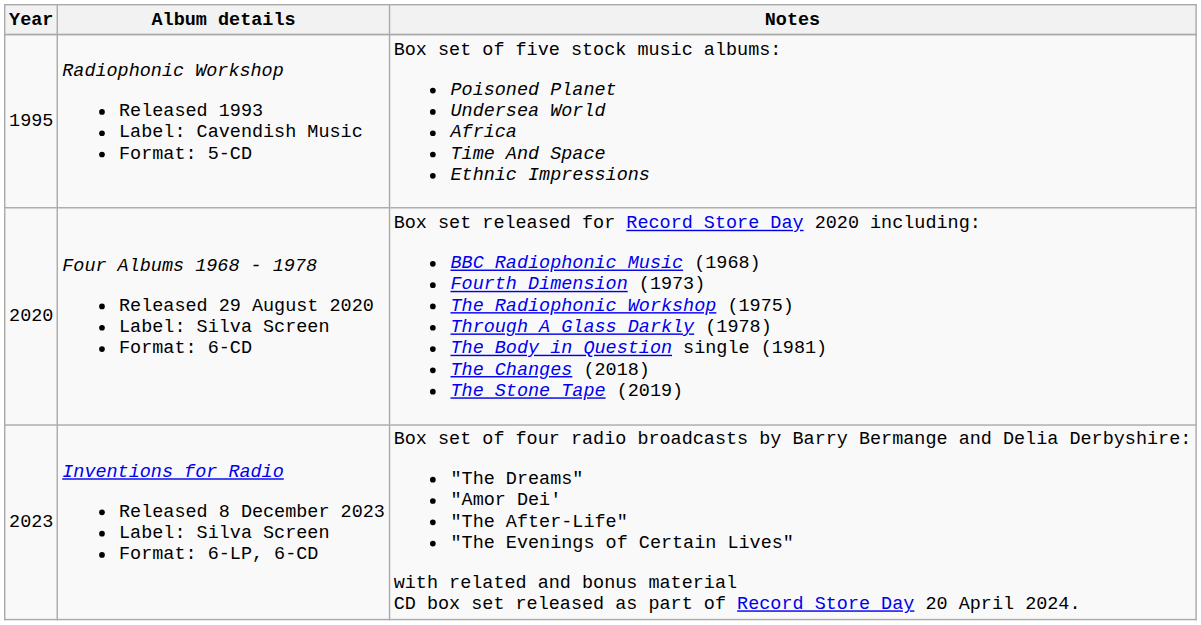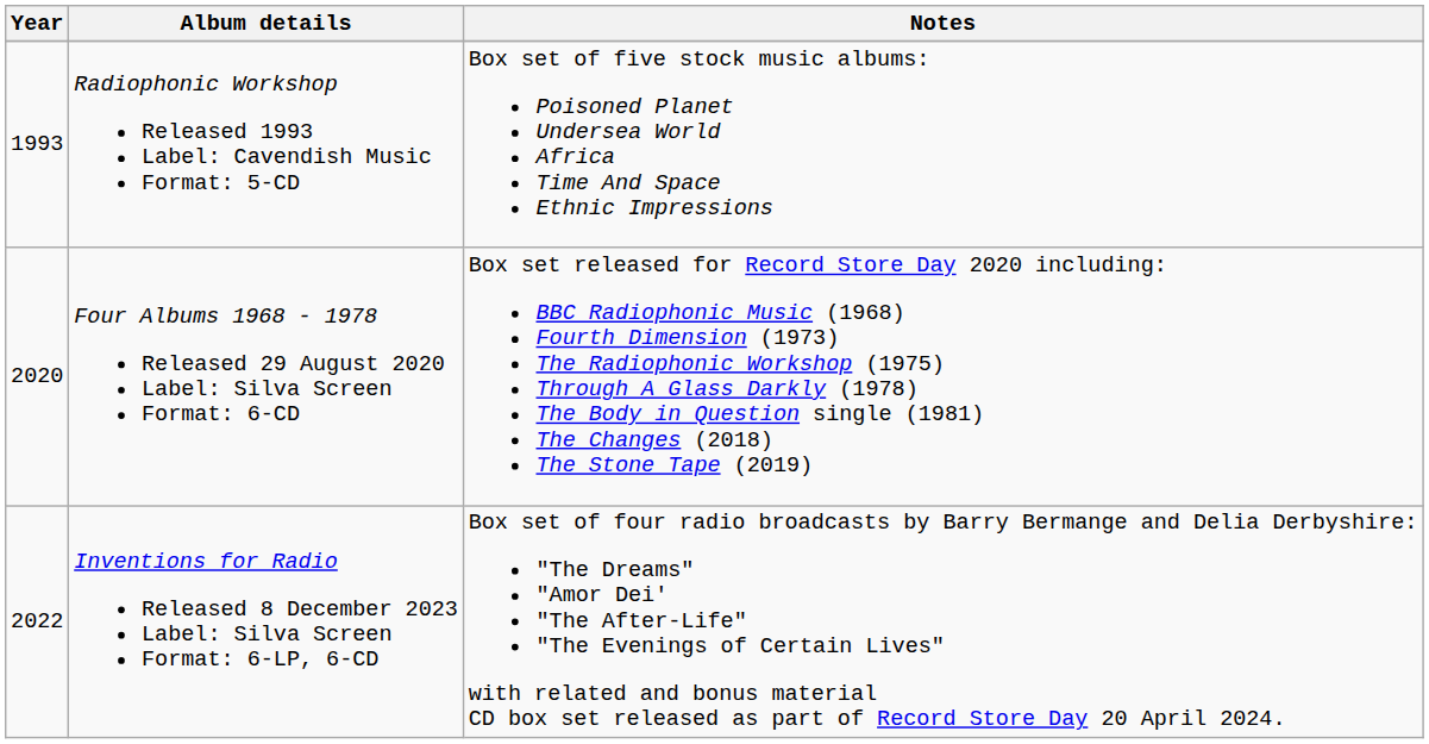 <table class="wikitable">
 <tr>
 <th>Year</th>
 <th>Album details</th>
 <th>Notes</th>
 </tr>
 <tr>
 </tr>
 <tr>
-<td>1995</td>
+<td>1993</td>
 <td><em>Radiophonic Workshop</em><br><ul><li>Released 1993</li><li>Label: Cavendish Music</li><li>Format: 5-CD</li></ul></td>
 <td>Box set of five stock music albums:<br><ul><li><em>Poisoned Planet</em></li><li><em>Undersea World</em></li><li><em>Africa</em></li><li><em>Time And Space</em></li><li><em>Ethnic Impressions</em></li></ul></td>
 </tr>
 <tr>
 <td>2020</td>
 <td><em>Four Albums 1968 - 1978</em><br><ul><li>Released 29 August 2020</li><li>Label: Silva Screen </li><li>Format: 6-CD</li></ul></td>
 <td>Box set released for <a href='#'>Record Store Day</a> 2020 including:<br><ul><li><em><a href='#'>BBC Radiophonic Music</a></em> (1968)</li><li><em><a href='#'>Fourth Dimension</a></em> (1973)</li><li><em><a href='#'>The Radiophonic Workshop</a></em> (1975)</li><li><em><a href='#'>Through A Glass Darkly</a></em> (1978)</li><li><em><a href='#'>The Body in Question</a></em> single (1981)</li><li><em><a href='#'>The Changes</a></em> (2018)</li><li><em><a href='#'>The Stone Tape</a></em> (2019)</li></ul></td>
 </tr>
 <tr>
-<td>2023</td>
+<td>2022</td>
 <td><em><a href='#'>Inventions for Radio</a></em><br><ul><li>Released 8 December 2023</li><li>Label: Silva Screen </li><li>Format: 6-LP, 6-CD</li></ul></td>
 <td>Box set of four radio broadcasts by Barry Bermange and Delia Derbyshire:<br><ul><li>"The Dreams"</li><li>"Amor Dei'</li><li>"The After-Life"</li><li>"The Evenings of Certain Lives"</li></ul>with related and bonus material<br>CD box set released as part of <a href='#'>Record Store Day</a> 20 April 2024.</td>
 </tr>
 </table>
